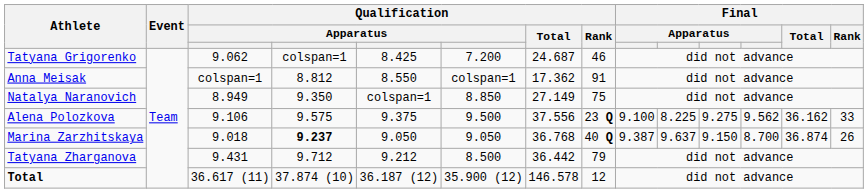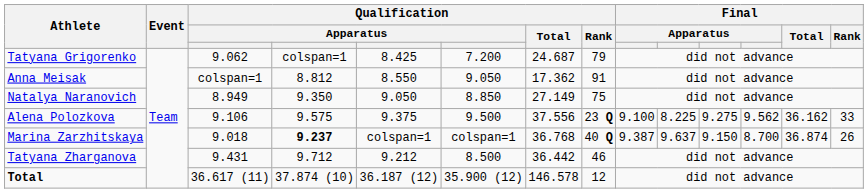 <table class="wikitable" style="font-size:90%">
 <tr>
 <th rowspan=3>Athlete</th>
 <th rowspan=3>Event</th>
 <th colspan=6>Qualification</th>
 <th colspan=6>Final</th>
 </tr>
 <tr style="font-size:95%">
 <th colspan=4>Apparatus</th>
 <th rowspan=2>Total</th>
 <th rowspan=2>Rank</th>
 <th colspan=4>Apparatus</th>
 <th rowspan=2>Total</th>
 <th rowspan=2>Rank</th>
 </tr>
 <tr style="font-size:95%">
 <th></th>
 <th></th>
 <th></th>
 <th></th>
 <th></th>
 <th></th>
 <th></th>
 <th></th>
 </tr>
 <tr align=center>
 <td align=left><a href='#'>Tatyana Grigorenko</a></td>
 <td align=left rowspan=7><a href='#'>Team</a></td>
 <td>9.062</td>
 <td>colspan=1 </td>
 <td>8.425</td>
 <td>7.200</td>
 <td>24.687</td>
-<td>46</td>
+<td>79</td>
 <td colspan=8>did not advance</td>
 </tr>
 <tr align=center>
 <td align=left><a href='#'>Anna Meisak</a></td>
 <td>colspan=1 </td>
 <td>8.812</td>
 <td>8.550</td>
-<td>colspan=1 </td>
+<td>9.050</td>
 <td>17.362</td>
 <td>91</td>
 <td colspan=6>did not advance</td>
 </tr>
 <tr align=center>
 <td align=left><a href='#'>Natalya Naranovich</a></td>
 <td>8.949</td>
 <td>9.350</td>
-<td>colspan=1 </td>
+<td>9.050</td>
 <td>8.850</td>
 <td>27.149</td>
 <td>75</td>
 <td colspan=6>did not advance</td>
 </tr>
 <tr align=center>
 <td align=left><a href='#'>Alena Polozkova</a></td>
 <td>9.106</td>
 <td>9.575</td>
 <td>9.375</td>
 <td>9.500</td>
 <td>37.556</td>
 <td>23 <strong>Q</strong></td>
 <td>9.100</td>
 <td>8.225</td>
 <td>9.275</td>
 <td>9.562</td>
 <td>36.162</td>
 <td>33</td>
 </tr>
 <tr align=center>
 <td align=left><a href='#'>Marina Zarzhitskaya</a></td>
 <td>9.018</td>
 <td><strong>9.237</strong></td>
-<td>9.050</td>
-<td>9.050</td>
+<td>colspan=1 </td>
+<td>colspan=1 </td>
 <td>36.768</td>
 <td>40 <strong>Q</strong></td>
 <td>9.387</td>
 <td>9.637</td>
 <td>9.150</td>
 <td>8.700</td>
 <td>36.874</td>
 <td>26</td>
 </tr>
 <tr align=center>
 <td align=left><a href='#'>Tatyana Zharganova</a></td>
 <td>9.431</td>
 <td>9.712</td>
 <td>9.212</td>
 <td>8.500</td>
 <td>36.442</td>
-<td>79</td>
+<td>46</td>
 <td colspan=6>did not advance</td>
 </tr>
 <tr align=center>
 <td align=left><strong>Total</strong></td>
 <td>36.617 (11)</td>
 <td>37.874 (10)</td>
 <td>36.187 (12)</td>
 <td>35.900 (12)</td>
 <td>146.578</td>
 <td>12</td>
 <td colspan=6>did not advance</td>
 </tr>
 </table>
